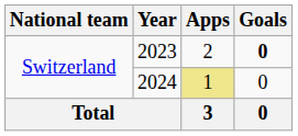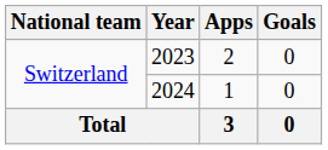 <table class="wikitable" style="text-align:center">
 <tr>
 <th>National team</th>
 <th>Year</th>
 <th>Apps</th>
 <th>Goals</th>
 </tr>
 <tr>
 <td rowspan="2"><a href='#'>Switzerland</a></td>
 <td>2023</td>
 <td>2</td>
-<td><strong>0</strong></td>
+<td>0</td>
 </tr>
 <tr>
 <td>2024</td>
-<td style="background: khaki;">1</td>
+<td>1</td>
 <td>0</td>
 </tr>
 <tr>
 <th colspan="2">Total</th>
 <th>3</th>
 <th>0</th>
 </tr>
 </table>
